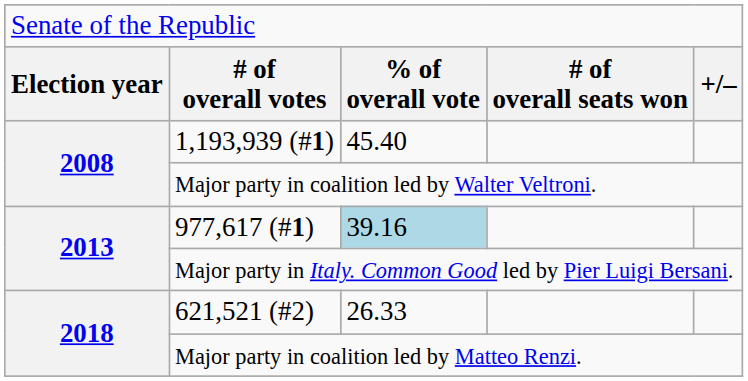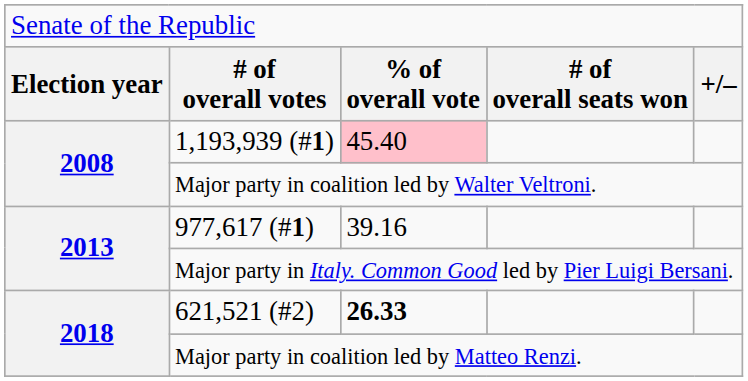 <table class=wikitable>
 <tr>
 <td colspan=5><a href='#'>Senate of the Republic</a></td>
 </tr>
 <tr>
 <th>Election year</th>
 <th># of<br>overall votes</th>
 <th>% of<br>overall vote</th>
 <th># of<br>overall seats won</th>
 <th>+/–</th>
 </tr>
 <tr>
 <th rowspan=2><a href='#'>2008</a></th>
 <td>1,193,939 (#<strong>1</strong>)</td>
-<td>45.40</td>
+<td style="background: pink;">45.40</td>
 <td></td>
 <td></td>
 </tr>
 <tr>
 <td colspan=6><small>Major party in coalition led by <a href='#'>Walter Veltroni</a>.</small></td>
 </tr>
 <tr>
 <th rowspan=2><a href='#'>2013</a></th>
 <td>977,617 (#<strong>1</strong>)</td>
-<td style="background: lightblue;">39.16</td>
+<td>39.16</td>
 <td></td>
 <td></td>
 </tr>
 <tr>
 <td colspan=6><small>Major party in <em><a href='#'>Italy. Common Good</a></em> led by <a href='#'>Pier Luigi Bersani</a>.</small></td>
 </tr>
 <tr>
 <th rowspan=2><a href='#'>2018</a></th>
 <td>621,521 (#2)</td>
-<td>26.33</td>
+<td><strong>26.33</strong></td>
 <td></td>
 <td></td>
 </tr>
 <tr>
 <td colspan=6><small>Major party in coalition led by <a href='#'>Matteo Renzi</a>.</small></td>
 </tr>
 </table>
